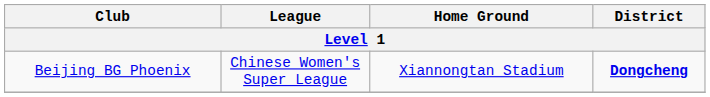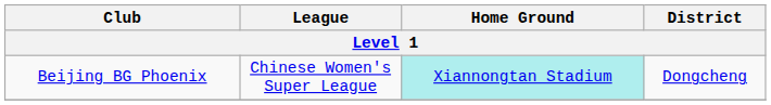 <table width=50%; class="wikitable" border="1" style="text-align:center;">
 <tr>
 <th width=29%>Club</th>
 <th width=20%>League</th>
 <th width=30%>Home Ground</th>
 <th width=15%>District</th>
 </tr>
 <tr>
 <th colspan=6><a href='#'>Level</a> 1</th>
 </tr>
 <tr>
 <td align:left><a href='#'>Beijing BG Phoenix</a></td>
 <td><a href='#'>Chinese Women's Super League</a></td>
-<td><a href='#'>Xiannongtan Stadium</a></td>
-<td><strong><a href='#'>Dongcheng</a></strong></td>
+<td style="background: paleturquoise;"><a href='#'>Xiannongtan Stadium</a></td>
+<td><a href='#'>Dongcheng</a></td>
 </tr>
 <tr>
 </tr>
 </table>
